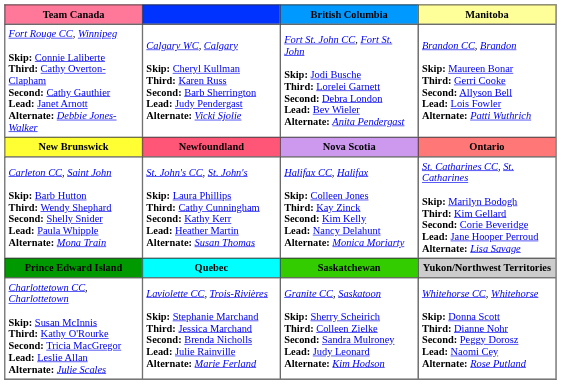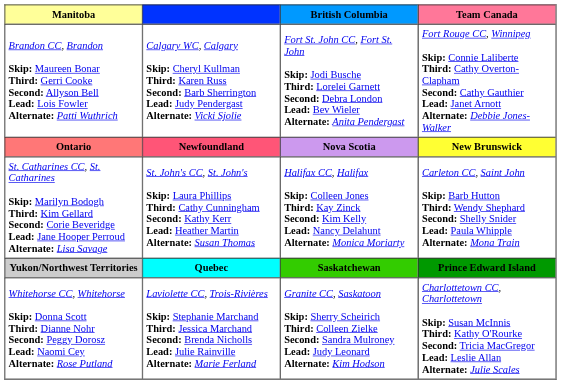 <table border=1 cellpadding=5 cellspacing=0>
 <tr>
-<th bgcolor="#ff7799" width="200">Team Canada</th>
+<th bgcolor="#ffff99" width="200">Manitoba</th>
 <th bgcolor="#0033ff" width="200"></th>
 <th bgcolor="#0099ff" width="200">British Columbia</th>
-<th bgcolor="#ffff99" width="200">Manitoba</th>
+<th bgcolor="#ff7799" width="200">Team Canada</th>
 </tr>
 <tr align=center>
-<td align=left><em><a href='#'>Fort Rouge CC</a>, <a href='#'>Winnipeg</a></em><br><br><strong>Skip:</strong> <a href='#'>Connie Laliberte</a><br> <strong>Third:</strong> <a href='#'>Cathy Overton-Clapham</a><br> <strong>Second:</strong> <a href='#'>Cathy Gauthier</a><br> <strong>Lead:</strong> <a href='#'>Janet Arnott</a><br> <strong>Alternate:</strong> <em><a href='#'>Debbie Jones-Walker</a></em></td>
+<td align=left><em><a href='#'>Brandon CC</a>, <a href='#'>Brandon</a></em><br><br><strong>Skip:</strong> <a href='#'>Maureen Bonar</a><br> <strong>Third:</strong> <a href='#'>Gerri Cooke</a><br> <strong>Second:</strong> <a href='#'>Allyson Bell</a><br> <strong>Lead:</strong> <a href='#'>Lois Fowler</a><br> <strong>Alternate:</strong> <em><a href='#'>Patti Wuthrich</a></em></td>
 <td align=left><em><a href='#'>Calgary WC</a>, <a href='#'>Calgary</a></em><br><br><strong>Skip:</strong> <a href='#'>Cheryl Kullman</a><br> <strong>Third:</strong> <a href='#'>Karen Russ</a><br> <strong>Second:</strong> <a href='#'>Barb Sherrington</a><br> <strong>Lead:</strong> <a href='#'>Judy Pendergast</a><br> <strong>Alternate:</strong> <em><a href='#'>Vicki Sjolie</a></em></td>
 <td align=left><em><a href='#'>Fort St. John CC</a>, <a href='#'>Fort St. John</a></em><br><br><strong>Skip:</strong> <a href='#'>Jodi Busche</a><br> <strong>Third:</strong> <a href='#'>Lorelei Garnett</a><br> <strong>Second:</strong> <a href='#'>Debra London</a><br> <strong>Lead:</strong> <a href='#'>Bev Wieler</a><br> <strong>Alternate:</strong> <em><a href='#'>Anita Pendergast</a></em></td>
-<td align=left><em><a href='#'>Brandon CC</a>, <a href='#'>Brandon</a></em><br><br><strong>Skip:</strong> <a href='#'>Maureen Bonar</a><br> <strong>Third:</strong> <a href='#'>Gerri Cooke</a><br> <strong>Second:</strong> <a href='#'>Allyson Bell</a><br> <strong>Lead:</strong> <a href='#'>Lois Fowler</a><br> <strong>Alternate:</strong> <em><a href='#'>Patti Wuthrich</a></em></td>
+<td align=left><em><a href='#'>Fort Rouge CC</a>, <a href='#'>Winnipeg</a></em><br><br><strong>Skip:</strong> <a href='#'>Connie Laliberte</a><br> <strong>Third:</strong> <a href='#'>Cathy Overton-Clapham</a><br> <strong>Second:</strong> <a href='#'>Cathy Gauthier</a><br> <strong>Lead:</strong> <a href='#'>Janet Arnott</a><br> <strong>Alternate:</strong> <em><a href='#'>Debbie Jones-Walker</a></em></td>
 </tr>
 <tr border=1 cellpadding=5 cellspacing=0>
-<th bgcolor="#ffff33" width="200">New Brunswick</th>
+<th bgcolor="#ff7777" width="200">Ontario</th>
 <th bgcolor="#ff5577" width="200">Newfoundland</th>
 <th bgcolor="#cc99ee" width="200">Nova Scotia</th>
-<th bgcolor="#ff7777" width="200">Ontario</th>
+<th bgcolor="#ffff33" width="200">New Brunswick</th>
 </tr>
 <tr align=center>
-<td align=left><em><a href='#'>Carleton CC</a>, <a href='#'>Saint John</a></em><br><br><strong>Skip:</strong> <a href='#'>Barb Hutton</a><br> <strong>Third:</strong> <a href='#'>Wendy Shephard</a><br> <strong>Second:</strong> <a href='#'>Shelly Snider</a><br> <strong>Lead:</strong> <a href='#'>Paula Whipple</a><br> <strong>Alternate:</strong> <em><a href='#'>Mona Train</a></em></td>
+<td align=left><em><a href='#'>St. Catharines CC</a>, <a href='#'>St. Catharines</a></em><br><br><strong>Skip:</strong> <a href='#'>Marilyn Bodogh</a><br> <strong>Third:</strong> <a href='#'>Kim Gellard</a><br> <strong>Second:</strong> <a href='#'>Corie Beveridge</a><br> <strong>Lead:</strong> <a href='#'>Jane Hooper Perroud</a><br> <strong>Alternate:</strong> <em><a href='#'>Lisa Savage</a></em></td>
 <td align=left><em><a href='#'>St. John's CC</a>, <a href='#'>St. John's</a></em><br><br><strong>Skip:</strong> <a href='#'>Laura Phillips</a> <br> <strong>Third:</strong> <a href='#'>Cathy Cunningham</a><br> <strong>Second:</strong> <a href='#'>Kathy Kerr</a><br> <strong>Lead:</strong> <a href='#'>Heather Martin</a><br> <strong>Alternate:</strong> <em><a href='#'>Susan Thomas</a></em></td>
 <td align=left><em><a href='#'>Halifax CC</a>, <a href='#'>Halifax</a></em><br><br><strong>Skip:</strong> <a href='#'>Colleen Jones</a><br> <strong>Third:</strong> <a href='#'>Kay Zinck</a><br> <strong>Second:</strong> <a href='#'>Kim Kelly</a><br> <strong>Lead:</strong> <a href='#'>Nancy Delahunt</a><br> <strong>Alternate:</strong> <em><a href='#'>Monica Moriarty</a></em></td>
-<td align=left><em><a href='#'>St. Catharines CC</a>, <a href='#'>St. Catharines</a></em><br><br><strong>Skip:</strong> <a href='#'>Marilyn Bodogh</a><br> <strong>Third:</strong> <a href='#'>Kim Gellard</a><br> <strong>Second:</strong> <a href='#'>Corie Beveridge</a><br> <strong>Lead:</strong> <a href='#'>Jane Hooper Perroud</a><br> <strong>Alternate:</strong> <em><a href='#'>Lisa Savage</a></em></td>
+<td align=left><em><a href='#'>Carleton CC</a>, <a href='#'>Saint John</a></em><br><br><strong>Skip:</strong> <a href='#'>Barb Hutton</a><br> <strong>Third:</strong> <a href='#'>Wendy Shephard</a><br> <strong>Second:</strong> <a href='#'>Shelly Snider</a><br> <strong>Lead:</strong> <a href='#'>Paula Whipple</a><br> <strong>Alternate:</strong> <em><a href='#'>Mona Train</a></em></td>
 </tr>
 <tr border=1 cellpadding=5 cellspacing=0>
-<th bgcolor="#009900" width="200">Prince Edward Island</th>
+<th bgcolor="#cccccc" width="200">Yukon/Northwest Territories</th>
 <th bgcolor="#00ffff" width="200">Quebec</th>
 <th bgcolor="#33cc00" width="200">Saskatchewan</th>
-<th bgcolor="#cccccc" width="200">Yukon/Northwest Territories</th>
+<th bgcolor="#009900" width="200">Prince Edward Island</th>
 </tr>
 <tr align=center>
-<td align=left><em><a href='#'>Charlottetown CC</a>, <a href='#'>Charlottetown</a></em><br><br><strong>Skip:</strong> <a href='#'>Susan McInnis</a><br> <strong>Third:</strong> <a href='#'>Kathy O'Rourke</a><br> <strong>Second:</strong> <a href='#'>Tricia MacGregor</a><br> <strong>Lead:</strong> <a href='#'>Leslie Allan</a><br> <strong>Alternate:</strong> <em><a href='#'>Julie Scales</a></em></td>
+<td align=left><em><a href='#'>Whitehorse CC</a>, <a href='#'>Whitehorse</a></em> <br><br><strong>Skip:</strong> <a href='#'>Donna Scott</a><br> <strong>Third:</strong> <a href='#'>Dianne Nohr</a><br> <strong>Second:</strong> <a href='#'>Peggy Dorosz</a><br> <strong>Lead:</strong> <a href='#'>Naomi Cey</a><br> <strong>Alternate:</strong> <em><a href='#'>Rose Putland</a></em></td>
 <td align=left><em><a href='#'>Laviolette CC</a>, <a href='#'>Trois-Rivières</a></em><br><br><strong>Skip:</strong> <a href='#'>Stephanie Marchand</a><br> <strong>Third:</strong> <a href='#'>Jessica Marchand</a><br> <strong>Second:</strong> <a href='#'>Brenda Nicholls</a><br> <strong>Lead:</strong> <a href='#'>Julie Rainville</a><br> <strong>Alternate:</strong> <em><a href='#'>Marie Ferland</a></em></td>
 <td align=left><em><a href='#'>Granite CC</a>, <a href='#'>Saskatoon</a></em><br><br><strong>Skip:</strong>  <a href='#'>Sherry Scheirich</a><br> <strong>Third:</strong> <a href='#'>Colleen Zielke</a><br> <strong>Second:</strong> <a href='#'>Sandra Mulroney</a><br> <strong>Lead:</strong> <a href='#'>Judy Leonard</a><br> <strong>Alternate:</strong> <em><a href='#'>Kim Hodson</a></em></td>
-<td align=left><em><a href='#'>Whitehorse CC</a>, <a href='#'>Whitehorse</a></em> <br><br><strong>Skip:</strong> <a href='#'>Donna Scott</a><br> <strong>Third:</strong> <a href='#'>Dianne Nohr</a><br> <strong>Second:</strong> <a href='#'>Peggy Dorosz</a><br> <strong>Lead:</strong> <a href='#'>Naomi Cey</a><br> <strong>Alternate:</strong> <em><a href='#'>Rose Putland</a></em></td>
+<td align=left><em><a href='#'>Charlottetown CC</a>, <a href='#'>Charlottetown</a></em><br><br><strong>Skip:</strong> <a href='#'>Susan McInnis</a><br> <strong>Third:</strong> <a href='#'>Kathy O'Rourke</a><br> <strong>Second:</strong> <a href='#'>Tricia MacGregor</a><br> <strong>Lead:</strong> <a href='#'>Leslie Allan</a><br> <strong>Alternate:</strong> <em><a href='#'>Julie Scales</a></em></td>
 </tr>
 </table>
